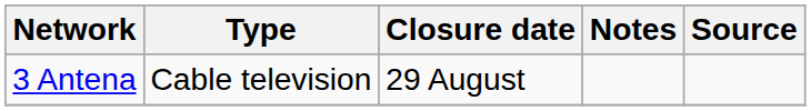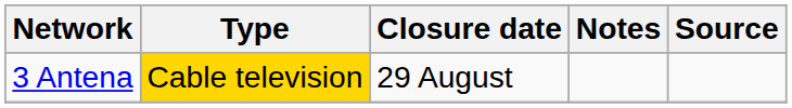 <table class="wikitable sortable">
 <tr>
 <th>Network</th>
 <th>Type</th>
 <th>Closure date</th>
 <th>Notes</th>
 <th>Source</th>
 </tr>
 <tr>
 <td><a href='#'>3 Antena</a></td>
-<td>Cable television</td>
+<td style="background: gold;">Cable television</td>
 <td>29 August</td>
 <td></td>
 <td></td>
 </tr>
 <tr>
 </tr>
 </table>
